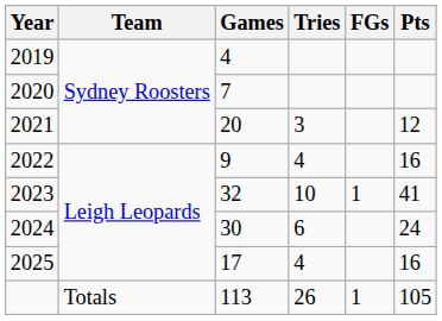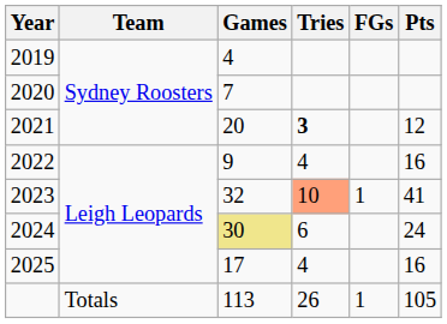 <table class="wikitable">
 <tr>
 <th>Year</th>
 <th>Team</th>
 <th>Games</th>
 <th>Tries</th>
 <th>FGs</th>
 <th>Pts</th>
 </tr>
 <tr>
 <td>2019</td>
 <td rowspan="3"> <a href='#'>Sydney Roosters</a></td>
 <td>4</td>
 <td></td>
 <td></td>
 <td></td>
 </tr>
 <tr>
 <td>2020</td>
 <td>7</td>
 <td></td>
 <td></td>
 <td></td>
 </tr>
 <tr>
 <td>2021</td>
 <td>20</td>
-<td>3</td>
+<td><strong>3</strong></td>
 <td></td>
 <td>12</td>
 </tr>
 <tr>
 <td>2022</td>
 <td rowspan="4"> <a href='#'>Leigh Leopards</a></td>
 <td>9</td>
 <td>4</td>
 <td></td>
 <td>16</td>
 </tr>
 <tr>
 <td>2023</td>
 <td>32</td>
-<td>10</td>
+<td style="background: lightsalmon;">10</td>
 <td>1</td>
 <td>41</td>
 </tr>
 <tr>
 <td>2024</td>
-<td>30</td>
+<td style="background: khaki;">30</td>
 <td>6</td>
 <td></td>
 <td>24</td>
 </tr>
 <tr>
 <td>2025</td>
 <td>17</td>
 <td>4</td>
 <td></td>
 <td>16</td>
 </tr>
 <tr>
 <td></td>
 <td>Totals</td>
 <td>113</td>
 <td>26</td>
 <td>1</td>
 <td>105</td>
 </tr>
 </table>
